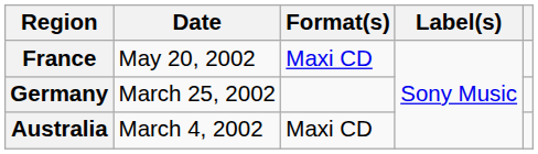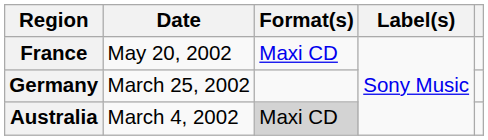 <table class="wikitable plainrowheaders">
 <tr>
 <th scope="col">Region</th>
 <th scope="col">Date</th>
 <th scope="col">Format(s)</th>
 <th scope="col">Label(s)</th>
 <th scope="col"></th>
 </tr>
 <tr>
 <th scope="row">France</th>
 <td>May 20, 2002</td>
 <td><a href='#'>Maxi CD</a></td>
 <td rowspan="3"><a href='#'>Sony Music</a></td>
 <td></td>
 </tr>
 <tr>
 <th scope="row">Germany</th>
 <td>March 25, 2002</td>
 <td></td>
 <td></td>
 </tr>
 <tr>
 <th scope="row">Australia</th>
 <td>March 4, 2002</td>
-<td>Maxi CD</td>
+<td style="background: lightgrey;">Maxi CD</td>
 <td></td>
 </tr>
 </table>
